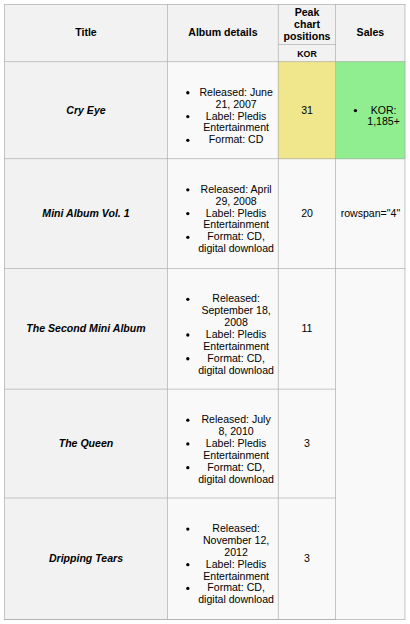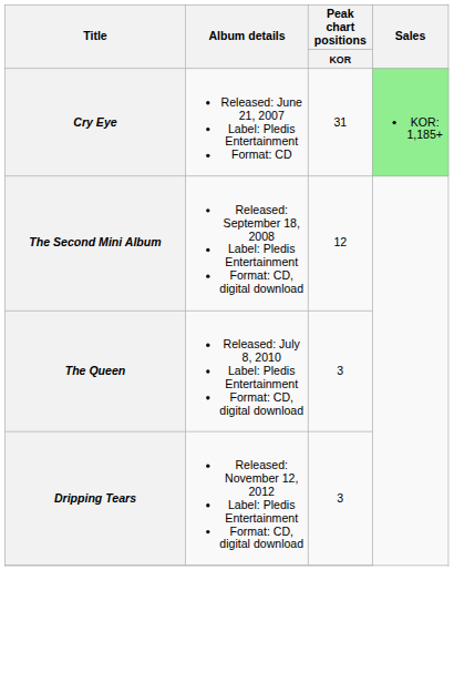 <table class="wikitable plainrowheaders" style="text-align:center;">
 <tr>
 <th scope="col" rowspan="2" style="width:15em;">Title</th>
 <th scope="col" rowspan="2">Album details</th>
 <th scope="col" colspan="1" style="width:5em;">Peak chart positions</th>
 <th scope="col" rowspan="2">Sales</th>
 </tr>
 <tr>
 <th><small>KOR</small><br></th>
 </tr>
 <tr>
 <th scope="row"><em>Cry Eye</em></th>
 <td><br><ul><li>Released: June 21, 2007</li><li>Label: Pledis Entertainment</li><li>Format: CD</li></ul></td>
-<td style="background: khaki;">31</td>
+<td>31</td>
 <td style="background: lightgreen;"><br><ul><li>KOR: 1,185+</li></ul></td>
-</tr>
-<tr>
-<th scope="row"><em>Mini Album Vol. 1</em></th>
-<td><br><ul><li>Released: April 29, 2008</li><li>Label: Pledis Entertainment</li><li>Format: CD, digital download</li></ul></td>
-<td>20</td>
-<td>rowspan="4" </td>
 </tr>
 <tr>
 <th scope="row"><em>The Second Mini Album</em></th>
 <td><br><ul><li>Released: September 18, 2008</li><li>Label: Pledis Entertainment</li><li>Format: CD, digital download</li></ul></td>
-<td>11</td>
+<td>12</td>
 </tr>
 <tr>
 <th scope="row"><em>The Queen</em></th>
 <td><br><ul><li>Released: July 8, 2010</li><li>Label: Pledis Entertainment</li><li>Format: CD, digital download</li></ul></td>
 <td>3</td>
 </tr>
 <tr>
 <th scope="row"><em>Dripping Tears</em></th>
 <td><br><ul><li>Released: November 12, 2012</li><li>Label: Pledis Entertainment</li><li>Format: CD, digital download</li></ul></td>
 <td>3</td>
 </tr>
 <tr>
 </tr>
 </table>
